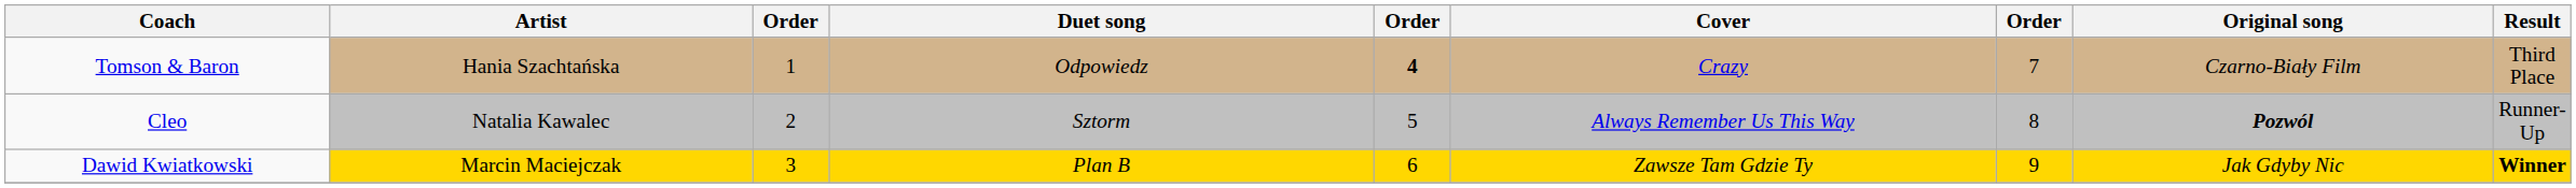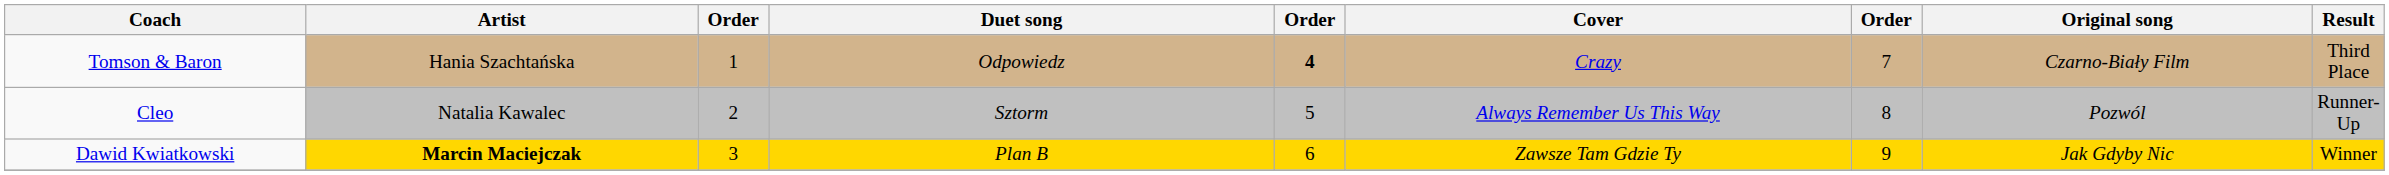 <table class="wikitable" style="text-align:center; width:100%;">
 <tr>
 <th scope="col" style="width:13%;">Coach</th>
 <th scope="col" style="width:17%;">Artist</th>
 <th scope="col" style="width:03%;">Order</th>
 <th scope="col" style="width:22%;">Duet song</th>
 <th scope="col" style="width:03%;">Order</th>
 <th scope="col" style="width:22%;">Cover</th>
 <th scope="col" style="width:03%;">Order</th>
 <th scope="col" style="width:22%;">Original song</th>
 <th scope="col" style="width:17%;">Result</th>
 </tr>
 <tr>
 <td rowspan="1"><a href='#'>Tomson & Baron</a></td>
 <td style="background:tan;">Hania Szachtańska</td>
 <td style="background:tan;">1</td>
 <td style="background:tan;"><em>Odpowiedz</em></td>
 <td style="background:tan;"><strong>4</strong></td>
 <td style="background:tan;"><em><a href='#'>Crazy</a></em></td>
 <td style="background:tan;">7</td>
 <td style="background:tan;"><em>Czarno-Biały Film</em></td>
 <td style="background:tan;">Third Place</td>
 </tr>
 <tr>
 <td rowspan="1"><a href='#'>Cleo</a></td>
 <td style="background:silver;">Natalia Kawalec</td>
 <td style="background:silver;">2</td>
 <td style="background:silver;"><em>Sztorm</em></td>
 <td style="background:silver;">5</td>
 <td style="background:silver;"><em><a href='#'>Always Remember Us This Way</a></em></td>
 <td style="background:silver;">8</td>
-<td style="background:silver;"><strong><em>Pozwól</em></strong></td>
+<td style="background:silver;"><em>Pozwól</em></td>
 <td style="background:silver;">Runner-Up</td>
 </tr>
 <tr>
 <td rowspan="1"><a href='#'>Dawid Kwiatkowski</a></td>
-<td style="background:gold;">Marcin Maciejczak</td>
+<td style="background:gold;"><strong>Marcin Maciejczak</strong></td>
 <td style="background:gold;">3</td>
 <td style="background:gold;"><em>Plan B</em></td>
 <td style="background:gold;">6</td>
 <td style="background:gold;"><em>Zawsze Tam Gdzie Ty</em></td>
 <td style="background:gold;">9</td>
 <td style="background:gold;"><em>Jak Gdyby Nic</em></td>
-<td style="background:gold;"><strong>Winner</strong></td>
+<td style="background:gold;">Winner</td>
 </tr>
 <tr>
 </tr>
 </table>
